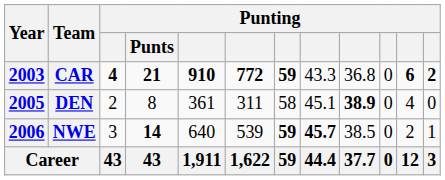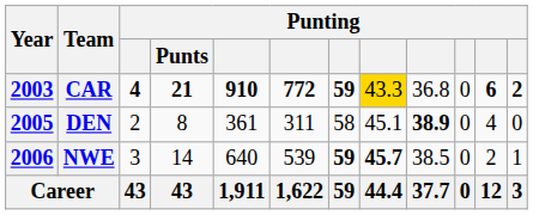 <table class=wikitable style="text-align:center;">
 <tr>
 <th rowspan="2">Year</th>
 <th rowspan="2">Team</th>
 <th colspan="10">Punting</th>
 </tr>
 <tr>
 <th></th>
 <th>Punts</th>
 <th></th>
 <th></th>
 <th></th>
 <th></th>
 <th></th>
 <th></th>
 <th></th>
 <th></th>
 </tr>
 <tr>
 <th><a href='#'>2003</a></th>
 <th><a href='#'>CAR</a></th>
 <td><strong>4</strong></td>
 <td><strong>21</strong></td>
 <td><strong>910</strong></td>
 <td><strong>772</strong></td>
 <td><strong>59</strong></td>
-<td>43.3</td>
+<td style="background: gold;">43.3</td>
 <td>36.8</td>
 <td>0</td>
 <td><strong>6</strong></td>
 <td><strong>2</strong></td>
 </tr>
 <tr>
 <th><a href='#'>2005</a></th>
 <th><a href='#'>DEN</a></th>
 <td>2</td>
 <td>8</td>
 <td>361</td>
 <td>311</td>
 <td>58</td>
 <td>45.1</td>
 <td><strong>38.9</strong></td>
 <td>0</td>
 <td>4</td>
 <td>0</td>
 </tr>
 <tr>
 <th><a href='#'>2006</a></th>
 <th><a href='#'>NWE</a></th>
 <td>3</td>
-<td><strong>14</strong></td>
+<td>14</td>
 <td>640</td>
 <td>539</td>
 <td><strong>59</strong></td>
 <td><strong>45.7</strong></td>
 <td>38.5</td>
 <td>0</td>
 <td>2</td>
 <td>1</td>
 </tr>
 <tr>
 <th colspan="2">Career</th>
 <th>43</th>
 <th>43</th>
 <th>1,911</th>
 <th>1,622</th>
 <th>59</th>
 <th>44.4</th>
 <th>37.7</th>
 <th>0</th>
 <th>12</th>
 <th>3</th>
 </tr>
 </table>
